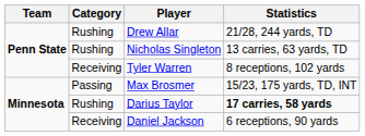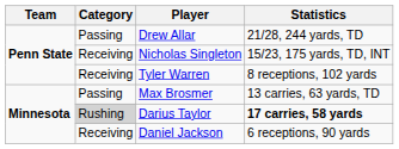 <table class="wikitable" style="float: right;">
 <tr>
 <th>Team</th>
 <th>Category</th>
 <th>Player</th>
 <th>Statistics</th>
 </tr>
 <tr>
 <td rowspan=3><strong>Penn State</strong></td>
-<td>Rushing</td>
+<td>Passing</td>
 <td><a href='#'>Drew Allar</a></td>
 <td>21/28, 244 yards, TD</td>
 </tr>
 <tr>
-<td>Rushing</td>
+<td>Receiving</td>
 <td><a href='#'>Nicholas Singleton</a></td>
-<td>13 carries, 63 yards, TD</td>
+<td>15/23, 175 yards, TD, INT</td>
 </tr>
 <tr>
 <td>Receiving</td>
 <td><a href='#'>Tyler Warren</a></td>
 <td>8 receptions, 102 yards</td>
 </tr>
 <tr>
 <td rowspan=3><strong>Minnesota</strong></td>
 <td>Passing</td>
 <td><a href='#'>Max Brosmer</a></td>
-<td>15/23, 175 yards, TD, INT</td>
+<td>13 carries, 63 yards, TD</td>
 </tr>
 <tr>
-<td>Rushing</td>
+<td style="background: lightgrey;">Rushing</td>
 <td><a href='#'>Darius Taylor</a></td>
 <td><strong>17 carries, 58 yards</strong></td>
 </tr>
 <tr>
 <td>Receiving</td>
 <td><a href='#'>Daniel Jackson</a></td>
 <td>6 receptions, 90 yards</td>
 </tr>
 </table>
